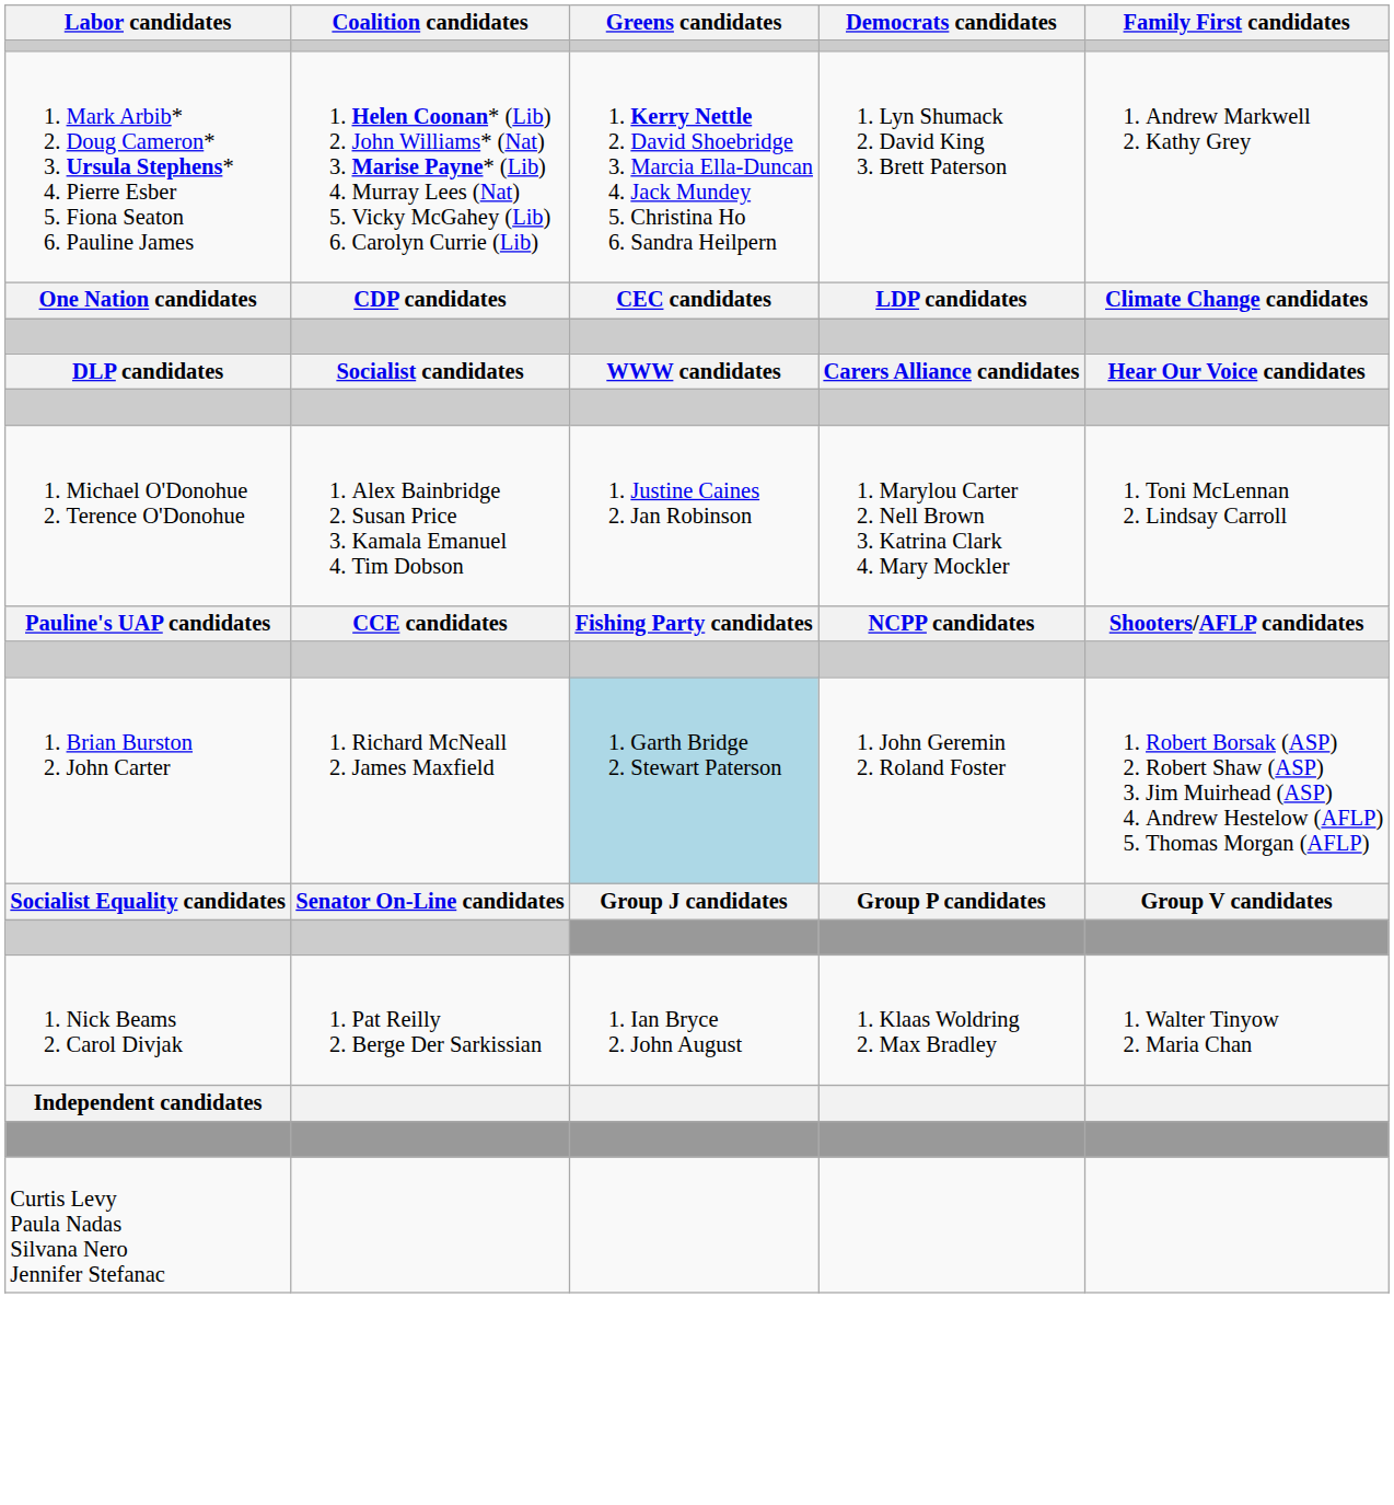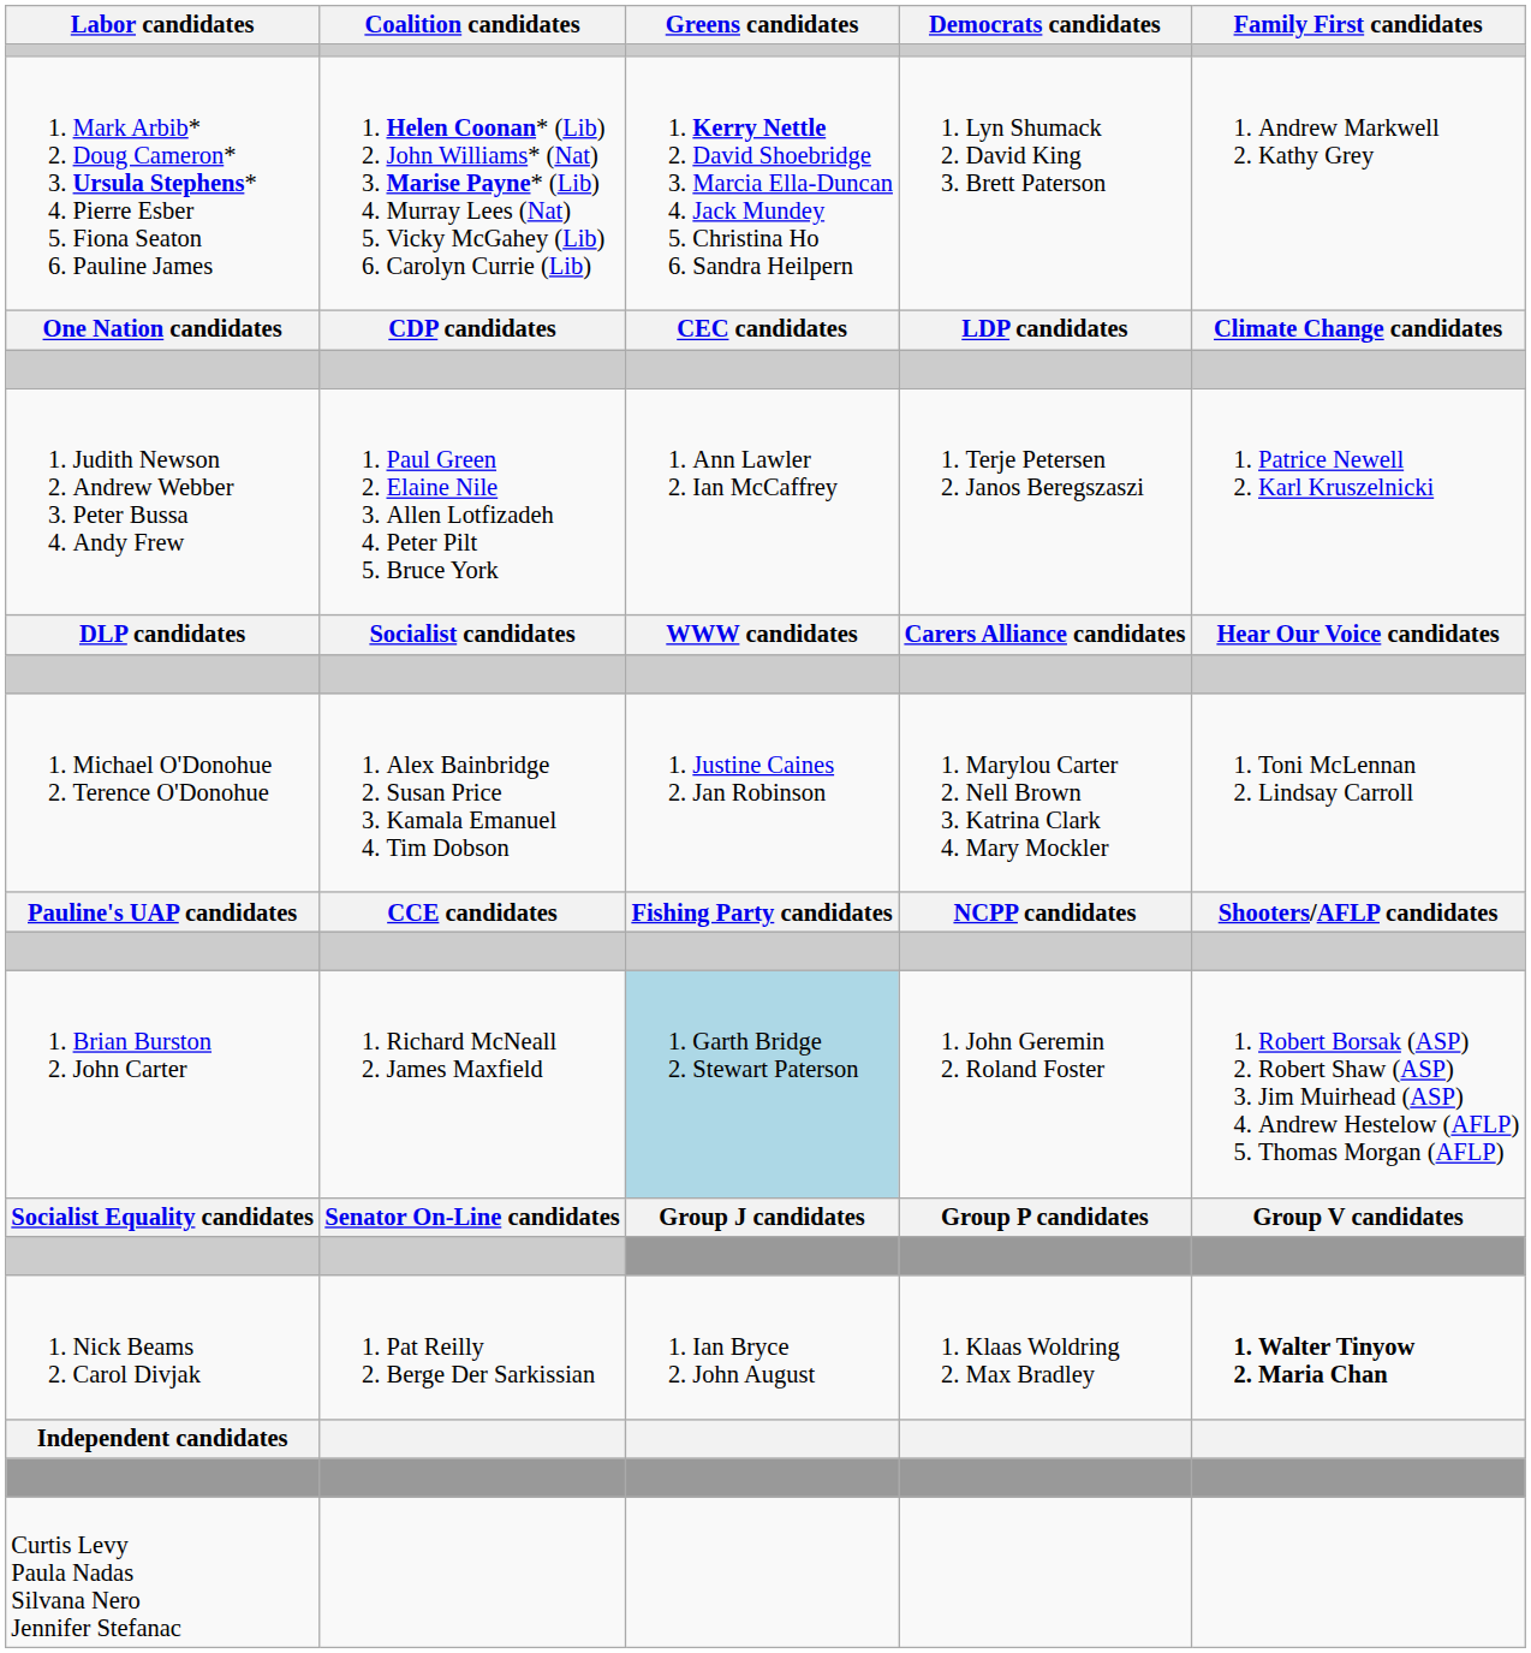 <table class="wikitable">
 <tr>
 <th><a href='#'>Labor</a> candidates</th>
 <th><a href='#'>Coalition</a> candidates</th>
 <th><a href='#'>Greens</a> candidates</th>
 <th><a href='#'>Democrats</a> candidates</th>
 <th><a href='#'>Family First</a> candidates</th>
 </tr>
 <tr style="background:#ccc;">
 <td></td>
 <td></td>
 <td></td>
 <td></td>
 <td></td>
 </tr>
 <tr>
 <td><br><ol><li><a href='#'>Mark Arbib</a>*</li><li><a href='#'>Doug Cameron</a>*</li><li><strong><a href='#'>Ursula Stephens</a></strong>*</li><li>Pierre Esber</li><li>Fiona Seaton</li><li>Pauline James</li></ol></td>
 <td><br><ol><li><strong><a href='#'>Helen Coonan</a></strong>* (<a href='#'>Lib</a>)</li><li><a href='#'>John Williams</a>* (<a href='#'>Nat</a>)</li><li><strong><a href='#'>Marise Payne</a></strong>* (<a href='#'>Lib</a>)</li><li>Murray Lees (<a href='#'>Nat</a>)</li><li>Vicky McGahey (<a href='#'>Lib</a>)</li><li>Carolyn Currie (<a href='#'>Lib</a>)</li></ol></td>
 <td valign=top><br><ol><li><strong><a href='#'>Kerry Nettle</a></strong></li><li><a href='#'>David Shoebridge</a></li><li><a href='#'>Marcia Ella-Duncan</a></li><li><a href='#'>Jack Mundey</a></li><li>Christina Ho</li><li>Sandra Heilpern</li></ol></td>
 <td valign=top><br><ol><li>Lyn Shumack</li><li>David King</li><li>Brett Paterson</li></ol></td>
 <td valign=top><br><ol><li>Andrew Markwell</li><li>Kathy Grey</li></ol></td>
 </tr>
 <tr style="background:#ccc;">
 <th><a href='#'>One Nation</a> candidates</th>
 <th><a href='#'>CDP</a> candidates</th>
 <th><a href='#'>CEC</a> candidates</th>
 <th><a href='#'>LDP</a> candidates</th>
 <th><a href='#'>Climate Change</a> candidates</th>
 </tr>
 <tr style="background:#ccc;">
 <td></td>
 <td></td>
 <td></td>
 <td></td>
 <td> </td>
+</tr>
+<tr>
+<td valign=top><br><ol><li>Judith Newson</li><li>Andrew Webber</li><li>Peter Bussa</li><li>Andy Frew</li></ol></td>
+<td valign=top><br><ol><li><a href='#'>Paul Green</a></li><li><a href='#'>Elaine Nile</a></li><li>Allen Lotfizadeh</li><li>Peter Pilt</li><li>Bruce York</li></ol></td>
+<td valign=top><br><ol><li>Ann Lawler</li><li>Ian McCaffrey</li></ol></td>
+<td valign=top><br><ol><li>Terje Petersen</li><li>Janos Beregszaszi</li></ol></td>
+<td valign=top><br><ol><li><a href='#'>Patrice Newell</a></li><li><a href='#'>Karl Kruszelnicki</a></li></ol></td>
 </tr>
 <tr style="background:#ccc;">
 <th><a href='#'>DLP</a> candidates</th>
 <th><a href='#'>Socialist</a> candidates</th>
 <th><a href='#'>WWW</a> candidates</th>
 <th><a href='#'>Carers Alliance</a> candidates</th>
 <th><a href='#'>Hear Our Voice</a> candidates</th>
 </tr>
 <tr style="background:#ccc;">
 <td></td>
 <td></td>
 <td></td>
 <td></td>
 <td> </td>
 </tr>
 <tr>
 <td valign=top><br><ol><li>Michael O'Donohue</li><li>Terence O'Donohue</li></ol></td>
 <td valign=top><br><ol><li>Alex Bainbridge</li><li>Susan Price</li><li>Kamala Emanuel</li><li>Tim Dobson</li></ol></td>
 <td valign=top><br><ol><li><a href='#'>Justine Caines</a></li><li>Jan Robinson</li></ol></td>
 <td valign=top><br><ol><li>Marylou Carter</li><li>Nell Brown</li><li>Katrina Clark</li><li>Mary Mockler</li></ol></td>
 <td valign=top><br><ol><li>Toni McLennan</li><li>Lindsay Carroll</li></ol></td>
 </tr>
 <tr style="background:#ccc;">
 <th><a href='#'>Pauline's UAP</a> candidates</th>
 <th><a href='#'>CCE</a> candidates</th>
 <th><a href='#'>Fishing Party</a> candidates</th>
 <th><a href='#'>NCPP</a> candidates</th>
 <th><a href='#'>Shooters</a>/<a href='#'>AFLP</a> candidates</th>
 </tr>
 <tr style="background:#ccc;">
 <td></td>
 <td></td>
 <td></td>
 <td></td>
 <td> </td>
 </tr>
 <tr>
 <td valign=top><br><ol><li><a href='#'>Brian Burston</a></li><li>John Carter</li></ol></td>
 <td valign=top><br><ol><li>Richard McNeall</li><li>James Maxfield</li></ol></td>
 <td valign=top style="background: lightblue;"><br><ol><li>Garth Bridge</li><li>Stewart Paterson</li></ol></td>
 <td valign=top><br><ol><li>John Geremin</li><li>Roland Foster</li></ol></td>
 <td valign=top><br><ol><li><a href='#'>Robert Borsak</a> (<a href='#'>ASP</a>)</li><li>Robert Shaw (<a href='#'>ASP</a>)</li><li>Jim Muirhead (<a href='#'>ASP</a>)</li><li>Andrew Hestelow (<a href='#'>AFLP</a>)</li><li>Thomas Morgan (<a href='#'>AFLP</a>)</li></ol></td>
 </tr>
 <tr style="background:#ccc;">
 <th><a href='#'>Socialist Equality</a> candidates</th>
 <th><a href='#'>Senator On-Line</a> candidates</th>
 <th>Group J candidates</th>
 <th>Group P candidates</th>
 <th>Group V candidates</th>
 </tr>
 <tr style="background:#ccc;">
 <td></td>
 <td></td>
 <td style="background:#999;"></td>
 <td style="background:#999;"></td>
 <td style="background:#999;"> </td>
 </tr>
 <tr>
 <td valign=top><br><ol><li>Nick Beams</li><li>Carol Divjak</li></ol></td>
 <td valign=top><br><ol><li>Pat Reilly</li><li>Berge Der Sarkissian</li></ol></td>
 <td valign=top><br><ol><li>Ian Bryce</li><li>John August</li></ol></td>
 <td valign=top><br><ol><li>Klaas Woldring</li><li>Max Bradley</li></ol></td>
-<td valign=top><br><ol><li>Walter Tinyow</li><li>Maria Chan</li></ol></td>
+<td valign=top><strong><br><ol><li>Walter Tinyow</li><li>Maria Chan</li></ol></strong></td>
 </tr>
 <tr style="background:#ccc;">
 <th>Independent candidates</th>
 <th></th>
 <th></th>
 <th></th>
 <th></th>
 </tr>
 <tr style=" background:#999;">
 <td></td>
 <td style="background:#999;"></td>
 <td style="background:#999;"></td>
 <td style="background:#999;"></td>
 <td style="background:#999;"> </td>
 </tr>
 <tr>
 <td valign=top><br>Curtis Levy <br> Paula Nadas <br> Silvana Nero <br> Jennifer Stefanac</td>
 <td valign=top></td>
 <td valign=top></td>
 <td valign=top></td>
 </tr>
 </table>
